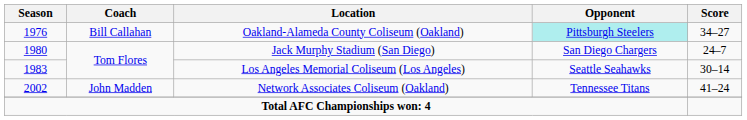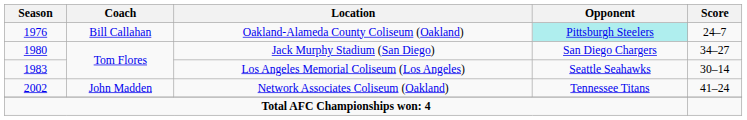 <table class="wikitable" style="width:80%;text-align:center">
 <tr>
 <th>Season</th>
 <th>Coach</th>
 <th>Location</th>
 <th>Opponent</th>
 <th>Score</th>
 </tr>
 <tr>
 <td><a href='#'>1976</a></td>
 <td><a href='#'>Bill Callahan</a></td>
 <td><a href='#'>Oakland-Alameda County Coliseum</a> (<a href='#'>Oakland</a>)</td>
 <td style="background: paleturquoise;"><a href='#'>Pittsburgh Steelers</a></td>
-<td>34–27</td>
+<td>24–7</td>
 </tr>
 <tr>
 <td><a href='#'>1980</a></td>
 <td rowspan="2"><a href='#'>Tom Flores</a></td>
 <td><a href='#'>Jack Murphy Stadium</a> (<a href='#'>San Diego</a>)</td>
 <td><a href='#'>San Diego Chargers</a></td>
-<td>24–7</td>
+<td>34–27</td>
 </tr>
 <tr>
 <td><a href='#'>1983</a></td>
 <td><a href='#'>Los Angeles Memorial Coliseum</a> (<a href='#'>Los Angeles</a>)</td>
 <td><a href='#'>Seattle Seahawks</a></td>
 <td>30–14</td>
 </tr>
 <tr>
 <td><a href='#'>2002</a></td>
 <td><a href='#'>John Madden</a></td>
 <td><a href='#'>Network Associates Coliseum</a> (<a href='#'>Oakland</a>)</td>
 <td><a href='#'>Tennessee Titans</a></td>
 <td>41–24</td>
 </tr>
 <tr>
 </tr>
 <tr>
 <td colspan="4"><strong>Total AFC Championships won: 4</strong></td>
 <td></td>
 </tr>
 </table>
